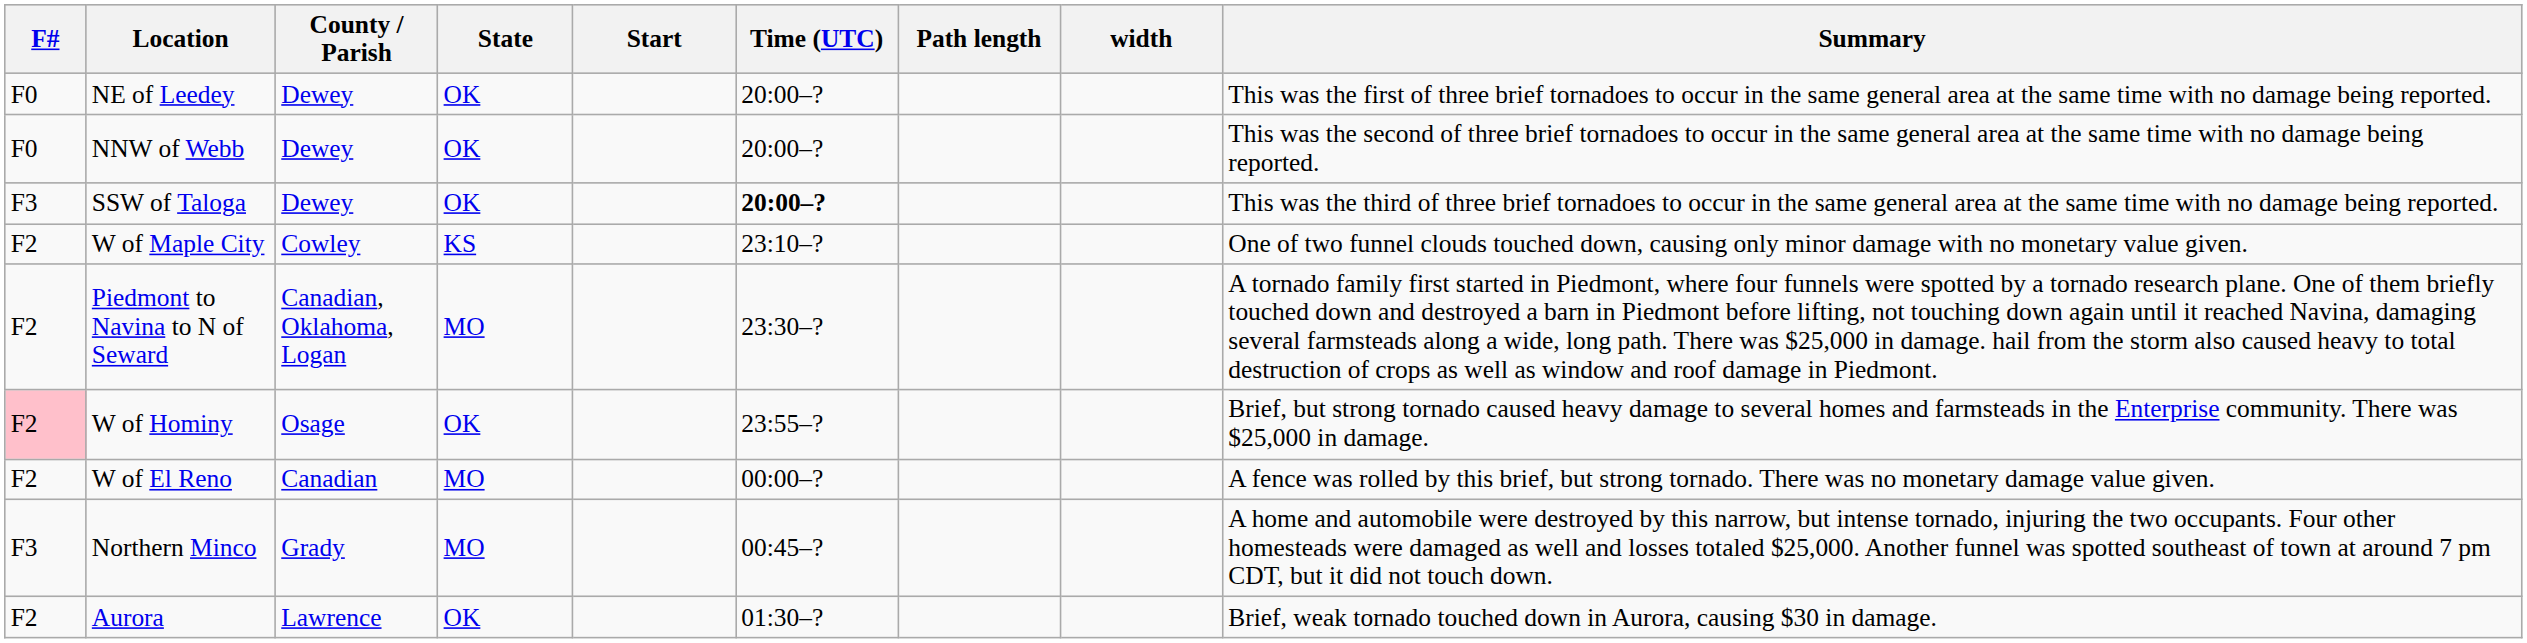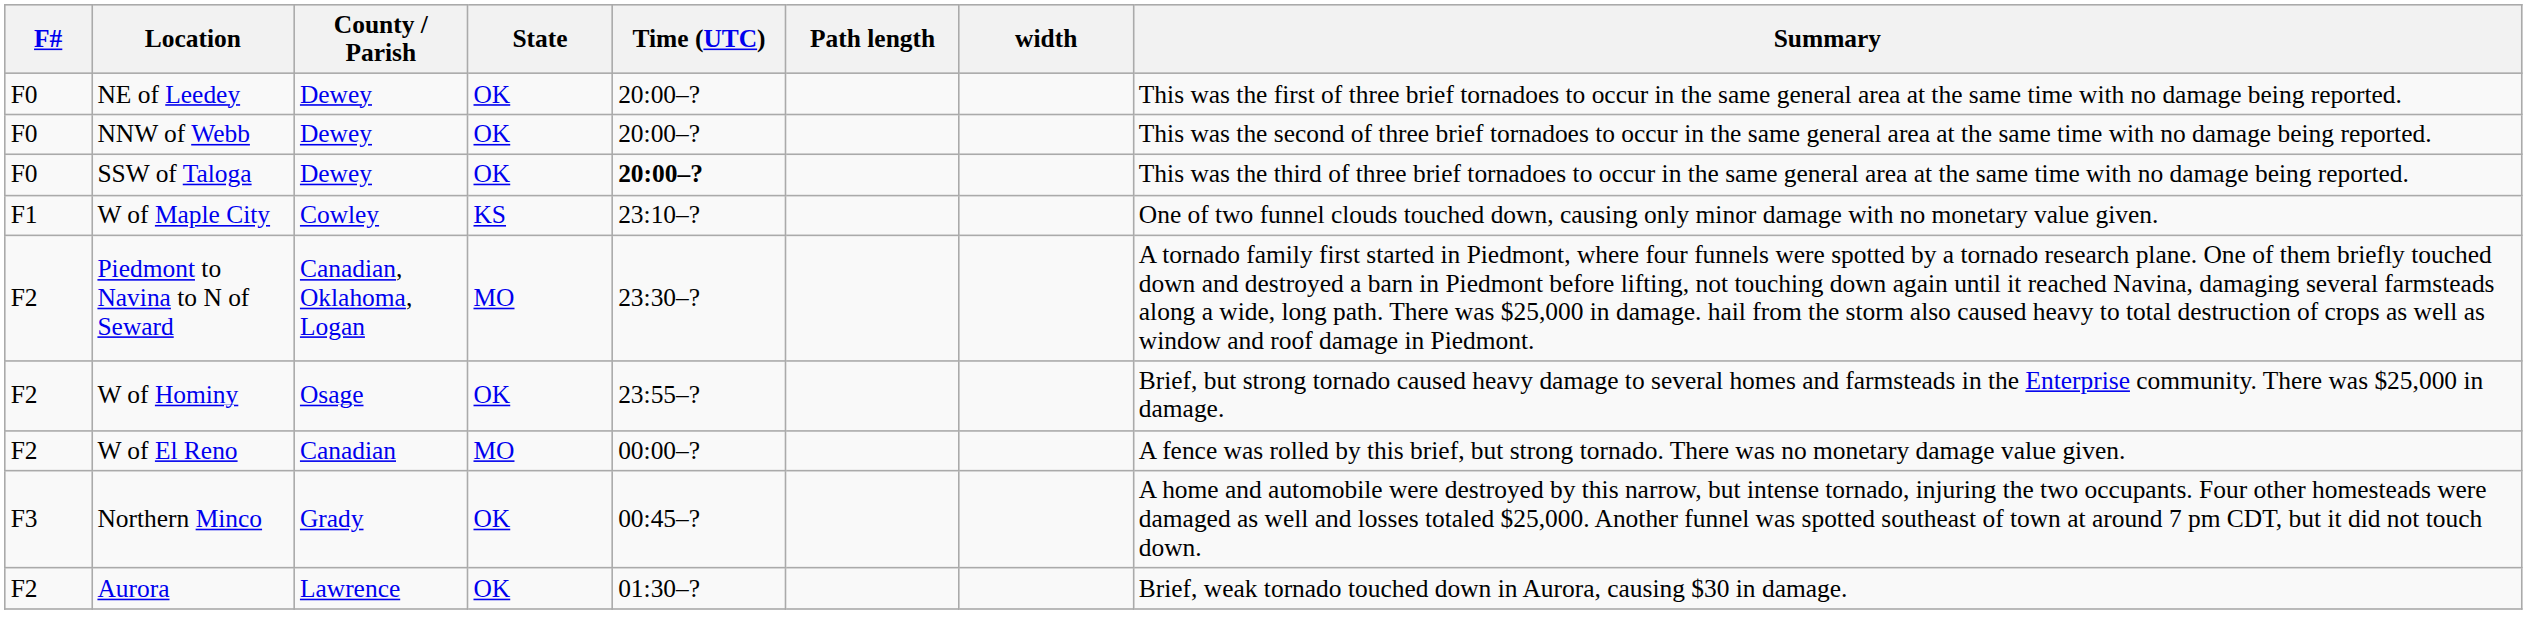 <table class="wikitable sortable" style="width:100%;">
 <tr>
 <th scope="col"  style="width:3%; text-align:center;"><a href='#'>F#</a></th>
 <th scope="col"  style="width:7%; text-align:center;" class="unsortable">Location</th>
 <th scope="col"  style="width:6%; text-align:center;" class="unsortable">County / Parish</th>
 <th scope="col"  style="width:5%; text-align:center;">State</th>
-<th scope="col"  style="width:6%; text-align:center;">Start<br></th>
 <th scope="col"  style="width:6%; text-align:center;">Time (<a href='#'>UTC</a>)</th>
 <th scope="col"  style="width:6%; text-align:center;">Path length</th>
 <th scope="col"  style="width:6%; text-align:center;"> width</th>
 <th scope="col" class="unsortable" style="width:48%; text-align:center;">Summary</th>
 </tr>
 <tr>
 <td>F0</td>
 <td>NE of <a href='#'>Leedey</a></td>
 <td><a href='#'>Dewey</a></td>
 <td><a href='#'>OK</a></td>
-<td></td>
 <td>20:00–?</td>
 <td></td>
 <td></td>
 <td>This was the first of three brief tornadoes to occur in the same general area at the same time with no damage being reported.</td>
 </tr>
 <tr>
 <td>F0</td>
 <td>NNW of <a href='#'>Webb</a></td>
 <td><a href='#'>Dewey</a></td>
 <td><a href='#'>OK</a></td>
-<td></td>
 <td>20:00–?</td>
 <td></td>
 <td></td>
 <td>This was the second of three brief tornadoes to occur in the same general area at the same time with no damage being reported.</td>
 </tr>
 <tr>
-<td>F3</td>
+<td>F0</td>
 <td>SSW of <a href='#'>Taloga</a></td>
 <td><a href='#'>Dewey</a></td>
 <td><a href='#'>OK</a></td>
-<td></td>
 <td><strong>20:00–?</strong></td>
 <td></td>
 <td></td>
 <td>This was the third of three brief tornadoes to occur in the same general area at the same time with no damage being reported.</td>
 </tr>
 <tr>
-<td>F2</td>
+<td>F1</td>
 <td>W of <a href='#'>Maple City</a></td>
 <td><a href='#'>Cowley</a></td>
 <td><a href='#'>KS</a></td>
-<td></td>
 <td>23:10–?</td>
 <td></td>
 <td></td>
 <td>One of two funnel clouds touched down, causing only minor damage with no monetary value given.</td>
 </tr>
 <tr>
 <td>F2</td>
 <td><a href='#'>Piedmont</a> to <a href='#'>Navina</a> to N of <a href='#'>Seward</a></td>
 <td><a href='#'>Canadian</a>, <a href='#'>Oklahoma</a>, <a href='#'>Logan</a></td>
 <td><a href='#'>MO</a></td>
-<td></td>
 <td>23:30–?</td>
 <td></td>
 <td></td>
 <td>A tornado family first started in Piedmont, where four funnels were spotted by a tornado research plane. One of them briefly touched down and destroyed a barn in Piedmont before lifting, not touching down again until it reached Navina, damaging several farmsteads along a  wide,  long path. There was $25,000 in damage.  hail from the storm also caused heavy to total destruction of crops as well as window and roof damage in Piedmont.</td>
 </tr>
 <tr>
-<td style="background: pink;">F2</td>
+<td>F2</td>
 <td>W of <a href='#'>Hominy</a></td>
 <td><a href='#'>Osage</a></td>
 <td><a href='#'>OK</a></td>
-<td></td>
 <td>23:55–?</td>
 <td></td>
 <td></td>
 <td>Brief, but strong tornado caused heavy damage to several homes and farmsteads in the <a href='#'>Enterprise</a> community. There was $25,000 in damage.</td>
 </tr>
 <tr>
 <td>F2</td>
 <td>W of <a href='#'>El Reno</a></td>
 <td><a href='#'>Canadian</a></td>
 <td><a href='#'>MO</a></td>
-<td></td>
 <td>00:00–?</td>
 <td></td>
 <td></td>
 <td>A fence was rolled by this brief, but strong tornado. There was no monetary damage value given.</td>
 </tr>
 <tr>
 <td>F3</td>
 <td>Northern <a href='#'>Minco</a></td>
 <td><a href='#'>Grady</a></td>
-<td><a href='#'>MO</a></td>
-<td></td>
+<td><a href='#'>OK</a></td>
 <td>00:45–?</td>
 <td></td>
 <td></td>
 <td>A home and automobile were destroyed by this narrow, but intense tornado, injuring the two occupants. Four other homesteads were damaged as well and losses totaled $25,000. Another funnel was spotted southeast of town at around 7 pm CDT, but it did not touch down.</td>
 </tr>
 <tr>
 <td>F2</td>
 <td><a href='#'>Aurora</a></td>
 <td><a href='#'>Lawrence</a></td>
 <td><a href='#'>OK</a></td>
-<td></td>
 <td>01:30–?</td>
 <td></td>
 <td></td>
 <td>Brief, weak tornado touched down in Aurora, causing $30 in damage.</td>
 </tr>
 </table>
